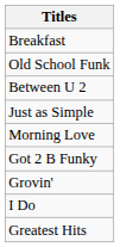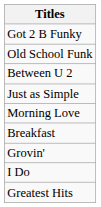 <table class="wikitable mw-collapsible">
 <tr>
 <th>Titles</th>
 </tr>
 <tr>
-<td>Breakfast</td>
+<td>Got 2 B Funky</td>
 </tr>
 <tr>
 <td>Old School Funk</td>
 </tr>
 <tr>
 <td>Between U 2</td>
 </tr>
 <tr>
 <td>Just as Simple</td>
 </tr>
 <tr>
 <td>Morning Love</td>
 </tr>
 <tr>
-<td>Got 2 B Funky</td>
+<td>Breakfast</td>
 </tr>
 <tr>
 <td>Grovin'</td>
 </tr>
 <tr>
 <td>I Do</td>
 </tr>
 <tr>
 <td>Greatest Hits</td>
 </tr>
 </table>
